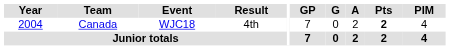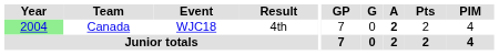 <table border="0" cellpadding="1" cellspacing="0" ID="Table3" style="text-align:center; width:40em">
 <tr ALIGN="center" bgcolor="#e0e0e0">
 <th>Year</th>
 <th>Team</th>
 <th>Event</th>
 <th>Result</th>
 <th rowspan="99" bgcolor="#ffffff"></th>
 <th>GP</th>
 <th>G</th>
 <th>A</th>
 <th>Pts</th>
 <th>PIM</th>
 </tr>
 <tr>
-<td><a href='#'>2004</a></td>
+<td style="background: lightgreen;"><a href='#'>2004</a></td>
 <td><a href='#'>Canada</a></td>
 <td><a href='#'>WJC18</a></td>
 <td>4th</td>
 <td>7</td>
 <td>0</td>
+<td><strong>2</strong></td>
 <td>2</td>
-<td><strong>2</strong></td>
 <td>4</td>
 </tr>
 <tr bgcolor="#e0e0e0">
 <th colspan="4">Junior totals</th>
 <th>7</th>
 <th>0</th>
 <th>2</th>
 <th>2</th>
 <th>4</th>
 </tr>
 </table>
